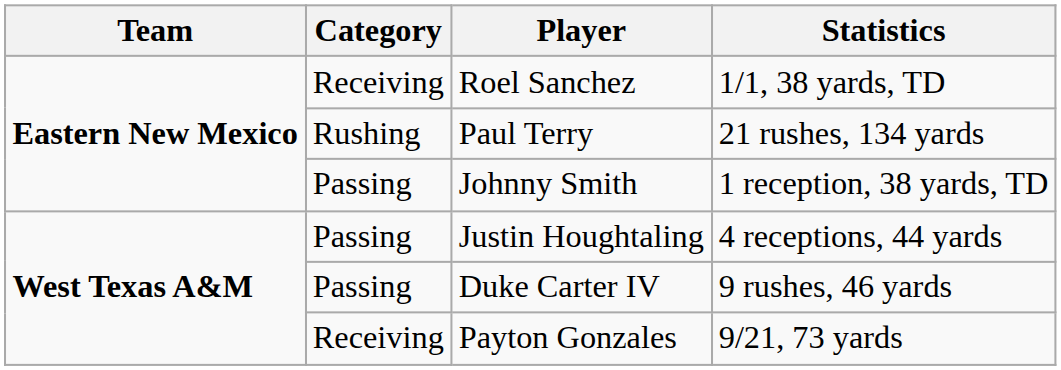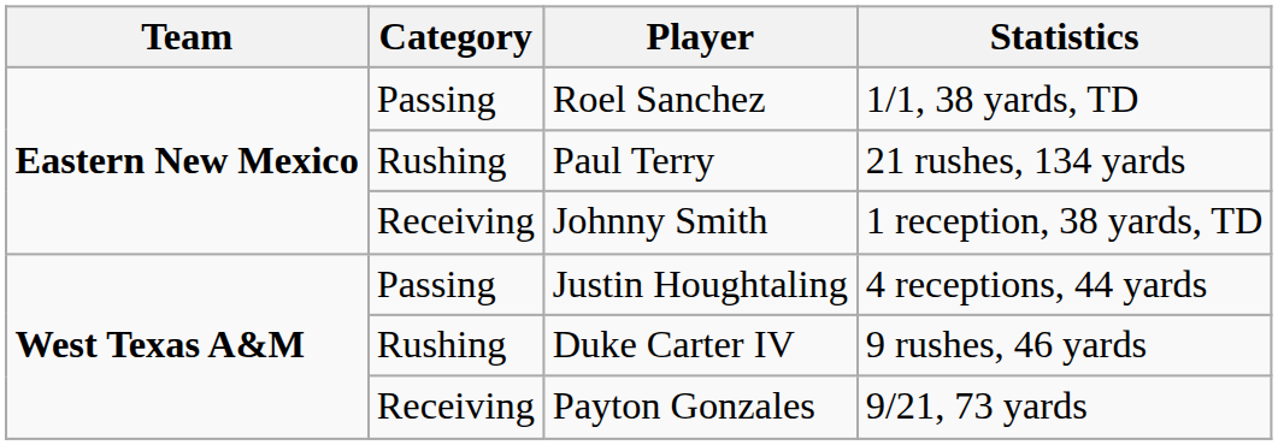 <table class="wikitable" style="float: left;">
 <tr>
 <th>Team</th>
 <th>Category</th>
 <th>Player</th>
 <th>Statistics</th>
 </tr>
 <tr>
 <td rowspan=3><strong>Eastern New Mexico</strong></td>
-<td>Receiving</td>
+<td>Passing</td>
 <td>Roel Sanchez</td>
 <td>1/1, 38 yards, TD</td>
 </tr>
 <tr>
 <td>Rushing</td>
 <td>Paul Terry</td>
 <td>21 rushes, 134 yards</td>
 </tr>
 <tr>
-<td>Passing</td>
+<td>Receiving</td>
 <td>Johnny Smith</td>
 <td>1 reception, 38 yards, TD</td>
 </tr>
 <tr>
 <td rowspan=3><strong>West Texas A&M</strong></td>
 <td>Passing</td>
 <td>Justin Houghtaling</td>
 <td>4 receptions, 44 yards</td>
 </tr>
 <tr>
-<td>Passing</td>
+<td>Rushing</td>
 <td>Duke Carter IV</td>
 <td>9 rushes, 46 yards</td>
 </tr>
 <tr>
 <td>Receiving</td>
 <td>Payton Gonzales</td>
 <td>9/21, 73 yards</td>
 </tr>
 </table>
